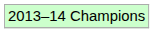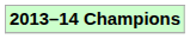 <table class="wikitable">
 <tr>
 </tr>
 <tr width=10px bgcolor="#ccffcc">
-<td>2013–14 Champions</td>
+<td><strong>2013–14 Champions</strong></td>
 </tr>
 <tr>
 </tr>
 </table>
